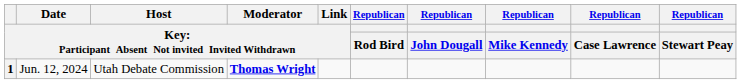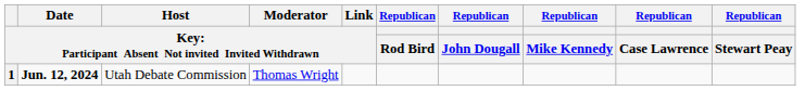 <table class="wikitable" style="text-align:center;">
 <tr>
 <th scope="col"></th>
 <th scope="col">Date</th>
 <th scope="col">Host</th>
 <th scope="col">Moderator</th>
 <th scope="col">Link</th>
 <th scope="col"><small><a href='#'>Republican</a></small></th>
 <th scope="col"><small><a href='#'>Republican</a></small></th>
 <th scope="col"><small><a href='#'>Republican</a></small></th>
 <th scope="col"><small><a href='#'>Republican</a></small></th>
 <th scope="col"><small><a href='#'>Republican</a></small></th>
 </tr>
 <tr>
 <th colspan="5" rowspan="2">Key:<br> <small>Participant </small>  <small>Absent </small>  <small>Not invited </small>  <small>Invited  Withdrawn</small></th>
 <th scope="col" style="background:"></th>
 <th scope="col" style="background:"></th>
 <th scope="col" style="background:"></th>
 <th scope="col" style="background:"></th>
 <th scope="col" style="background:"></th>
 </tr>
 <tr>
 <th scope="col">Rod Bird</th>
 <th scope="col"><a href='#'>John Dougall</a></th>
 <th scope="col"><a href='#'>Mike Kennedy</a></th>
 <th scope="col">Case Lawrence</th>
 <th scope="col">Stewart Peay</th>
 </tr>
 <tr>
 <th>1</th>
-<td style="white-space:nowrap;">Jun. 12, 2024</td>
+<td style="white-space:nowrap;"><strong>Jun. 12, 2024</strong></td>
 <td style="white-space:nowrap;">Utah Debate Commission</td>
-<td style="white-space:nowrap;"><strong><a href='#'>Thomas Wright</a></strong></td>
+<td style="white-space:nowrap;"><a href='#'>Thomas Wright</a></td>
 <td style="white-space:nowrap;"></td>
 <td></td>
 <td></td>
 <td></td>
 <td></td>
 <td></td>
 </tr>
 </table>
